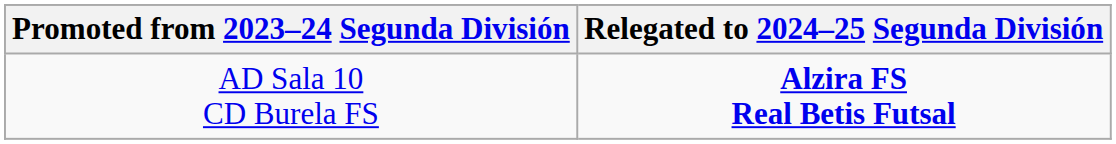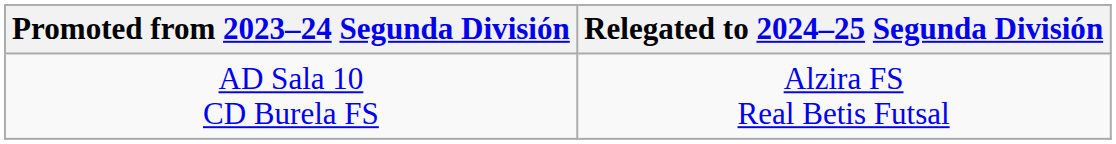 <table class="wikitable" style="text-align:center;">
 <tr>
 <th>Promoted from <a href='#'>2023–24</a> <a href='#'>Segunda División</a></th>
 <th>Relegated to <a href='#'>2024–25</a> <a href='#'>Segunda División</a></th>
 </tr>
 <tr>
 <td> <a href='#'>AD Sala 10</a> <br>  <a href='#'>CD Burela FS</a></td>
-<td><strong> <a href='#'>Alzira FS</a> <br>  <a href='#'>Real Betis Futsal</a></strong></td>
+<td> <a href='#'>Alzira FS</a> <br>  <a href='#'>Real Betis Futsal</a></td>
 </tr>
 </table>
